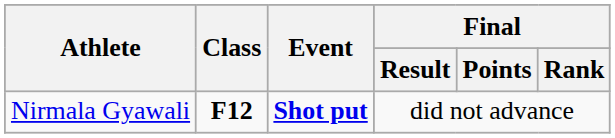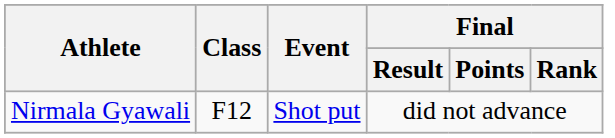 <table class=wikitable style="font-size:90%">
 <tr>
 <th rowspan="2">Athlete</th>
 <th rowspan="2">Class</th>
 <th rowspan="2">Event</th>
 <th colspan="3">Final</th>
 </tr>
 <tr>
 <th>Result</th>
 <th>Points</th>
 <th>Rank</th>
 </tr>
 <tr>
 <td><a href='#'>Nirmala Gyawali</a></td>
-<td style="text-align:center;"><strong>F12</strong></td>
-<td><strong><a href='#'>Shot put</a></strong></td>
+<td style="text-align:center;">F12</td>
+<td><a href='#'>Shot put</a></td>
 <td style="text-align:center;" colspan="3">did not advance</td>
 </tr>
 </table>
